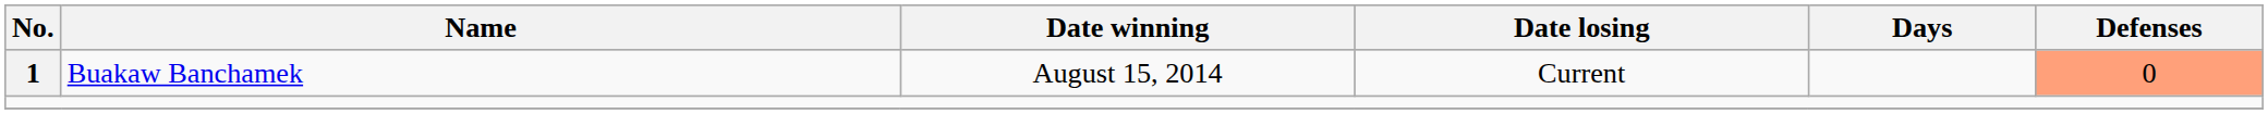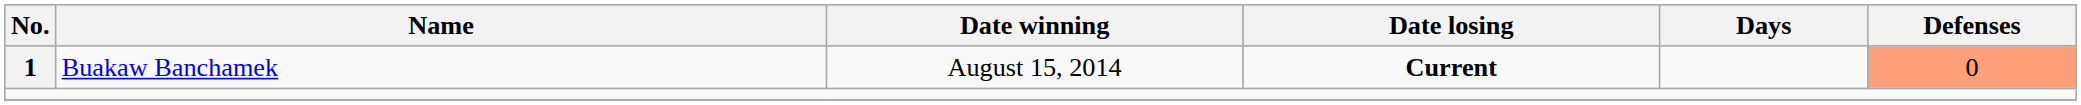 <table class="wikitable" width=100%>
 <tr>
 <th style="width:1%;">No.</th>
 <th style="width:37%;">Name</th>
 <th style="width:20%;">Date winning</th>
 <th style="width:20%;">Date losing</th>
 <th data-sort-type="number" style="width:10%;">Days</th>
 <th data-sort-type="number" style="width:10%;">Defenses</th>
 </tr>
 <tr align=center>
 <th>1</th>
 <td align=left> <a href='#'>Buakaw Banchamek</a></td>
 <td>August 15, 2014</td>
-<td>Current</td>
+<td><strong>Current</strong></td>
 <td></td>
 <td style="background: lightsalmon;">0</td>
 </tr>
 <tr>
 <td colspan="6"></td>
 </tr>
 <tr>
 </tr>
 </table>
